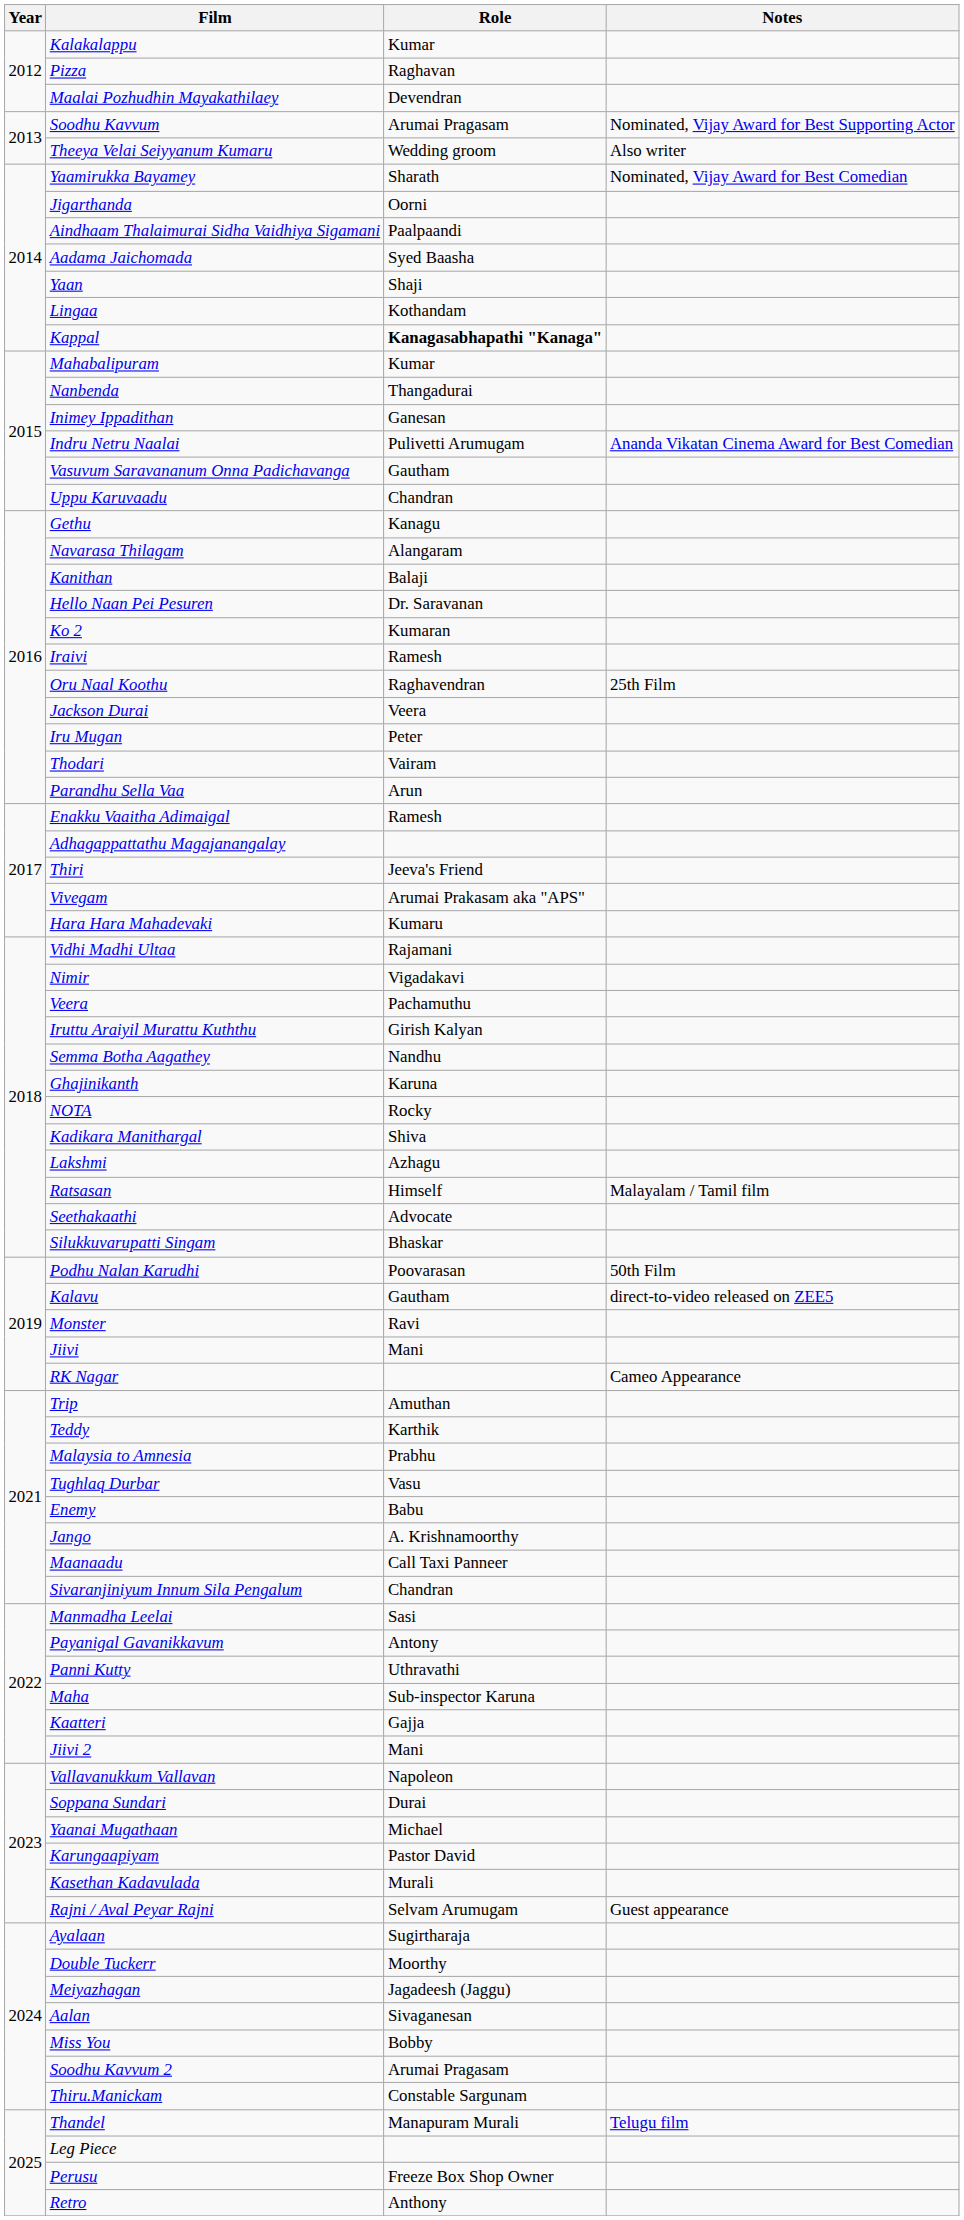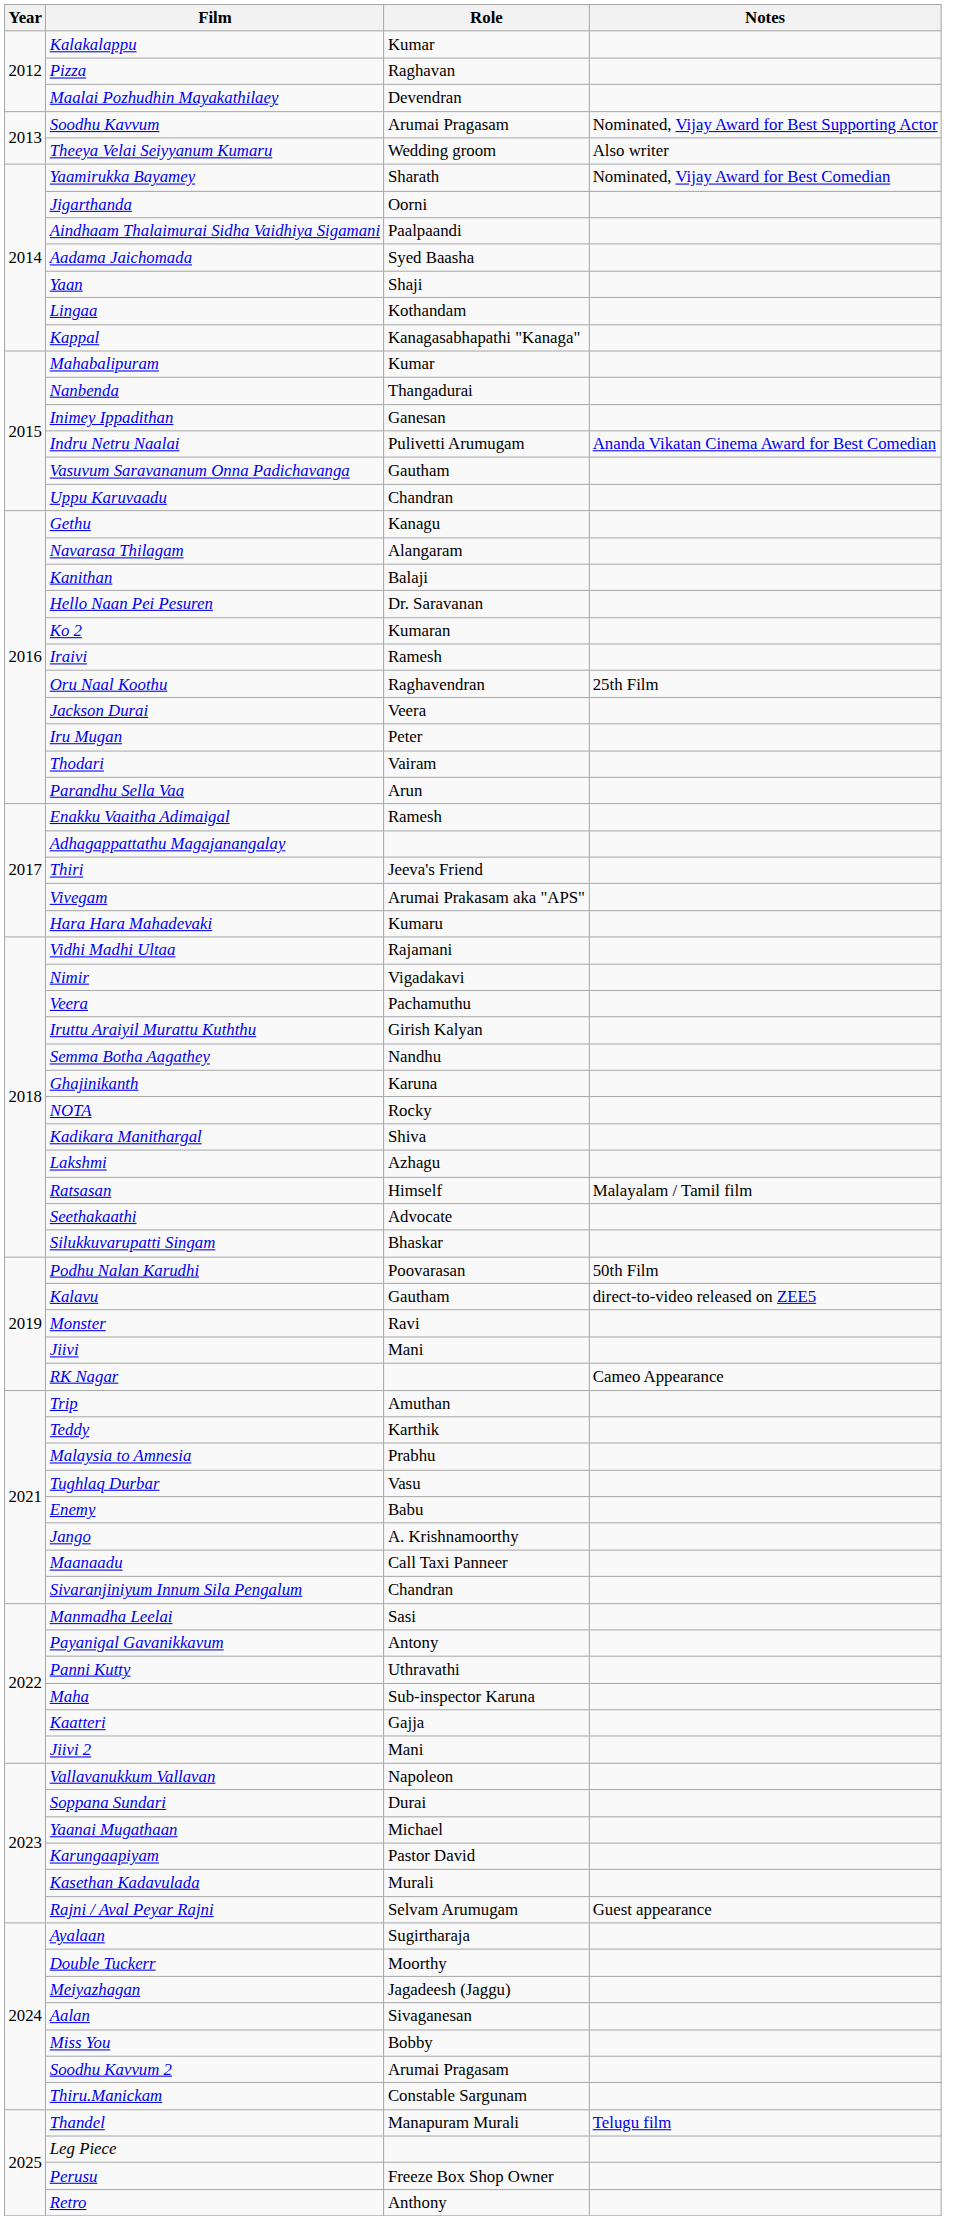 <table class="wikitable">
 <tr>
 <th>Year</th>
 <th>Film</th>
 <th>Role</th>
 <th>Notes</th>
 </tr>
 <tr>
 <td rowspan="3">2012</td>
 <td><em><a href='#'>Kalakalappu</a></em></td>
 <td>Kumar</td>
 <td></td>
 </tr>
 <tr>
 <td><em><a href='#'>Pizza</a></em></td>
 <td>Raghavan</td>
 <td></td>
 </tr>
 <tr>
 <td><em><a href='#'>Maalai Pozhudhin Mayakathilaey</a></em></td>
 <td>Devendran</td>
 <td></td>
 </tr>
 <tr>
 <td rowspan="2">2013</td>
 <td><em><a href='#'>Soodhu Kavvum</a></em></td>
 <td>Arumai Pragasam</td>
 <td>Nominated, <a href='#'>Vijay Award for Best Supporting Actor</a></td>
 </tr>
 <tr>
 <td><em><a href='#'>Theeya Velai Seiyyanum Kumaru</a></em></td>
 <td>Wedding groom</td>
 <td>Also writer</td>
 </tr>
 <tr>
 <td rowspan="7">2014</td>
 <td><em><a href='#'>Yaamirukka Bayamey</a></em></td>
 <td>Sharath</td>
 <td>Nominated, <a href='#'>Vijay Award for Best Comedian</a></td>
 </tr>
 <tr>
 <td><em><a href='#'>Jigarthanda</a></em></td>
 <td>Oorni</td>
 <td></td>
 </tr>
 <tr>
 <td><em><a href='#'>Aindhaam Thalaimurai Sidha Vaidhiya Sigamani</a></em></td>
 <td>Paalpaandi</td>
 <td></td>
 </tr>
 <tr>
 <td><em><a href='#'>Aadama Jaichomada</a></em></td>
 <td>Syed Baasha</td>
 <td></td>
 </tr>
 <tr>
 <td><em><a href='#'>Yaan</a></em></td>
 <td>Shaji</td>
 <td></td>
 </tr>
 <tr>
 <td><em><a href='#'>Lingaa</a></em></td>
 <td>Kothandam</td>
 <td></td>
 </tr>
 <tr>
 <td><em><a href='#'>Kappal</a></em></td>
-<td><strong>Kanagasabhapathi "Kanaga"</strong></td>
+<td>Kanagasabhapathi "Kanaga"</td>
 <td></td>
 </tr>
 <tr>
 <td rowspan="6">2015</td>
 <td><em><a href='#'>Mahabalipuram</a></em></td>
 <td>Kumar</td>
 <td></td>
 </tr>
 <tr>
 <td><em><a href='#'>Nanbenda</a></em></td>
 <td>Thangadurai</td>
 <td></td>
 </tr>
 <tr>
 <td><em><a href='#'>Inimey Ippadithan</a></em></td>
 <td>Ganesan</td>
 <td></td>
 </tr>
 <tr>
 <td><em><a href='#'>Indru Netru Naalai</a></em></td>
 <td>Pulivetti Arumugam</td>
 <td><a href='#'>Ananda Vikatan Cinema Award for Best Comedian</a></td>
 </tr>
 <tr>
 <td><em><a href='#'>Vasuvum Saravananum Onna Padichavanga</a></em></td>
 <td>Gautham</td>
 <td></td>
 </tr>
 <tr>
 <td><em><a href='#'>Uppu Karuvaadu</a></em></td>
 <td>Chandran</td>
 <td></td>
 </tr>
 <tr>
 <td rowspan="11">2016</td>
 <td><em><a href='#'>Gethu</a></em></td>
 <td>Kanagu</td>
 <td></td>
 </tr>
 <tr>
 <td><em><a href='#'>Navarasa Thilagam</a></em></td>
 <td>Alangaram</td>
 <td></td>
 </tr>
 <tr>
 <td><em><a href='#'>Kanithan</a></em></td>
 <td>Balaji</td>
 <td></td>
 </tr>
 <tr>
 <td><em><a href='#'>Hello Naan Pei Pesuren</a></em></td>
 <td>Dr. Saravanan</td>
 <td></td>
 </tr>
 <tr>
 <td><em><a href='#'>Ko 2</a></em></td>
 <td>Kumaran</td>
 <td></td>
 </tr>
 <tr>
 <td><em><a href='#'>Iraivi</a></em></td>
 <td>Ramesh</td>
 <td></td>
 </tr>
 <tr>
 <td><em><a href='#'>Oru Naal Koothu</a></em></td>
 <td>Raghavendran</td>
 <td>25th Film</td>
 </tr>
 <tr>
 <td><em><a href='#'>Jackson Durai</a></em></td>
 <td>Veera</td>
 <td></td>
 </tr>
 <tr>
 <td><em><a href='#'>Iru Mugan</a></em></td>
 <td>Peter</td>
 <td></td>
 </tr>
 <tr>
 <td><em><a href='#'>Thodari</a></em></td>
 <td>Vairam</td>
 <td></td>
 </tr>
 <tr>
 <td><em><a href='#'>Parandhu Sella Vaa</a></em></td>
 <td>Arun</td>
 <td></td>
 </tr>
 <tr>
 <td rowspan="5">2017</td>
 <td><em><a href='#'>Enakku Vaaitha Adimaigal</a></em></td>
 <td>Ramesh</td>
 <td></td>
 </tr>
 <tr>
 <td><em><a href='#'>Adhagappattathu Magajanangalay</a></em></td>
 <td></td>
 <td></td>
 </tr>
 <tr>
 <td><em><a href='#'>Thiri</a></em></td>
 <td>Jeeva's Friend</td>
 <td></td>
 </tr>
 <tr>
 <td><em><a href='#'>Vivegam</a></em></td>
 <td>Arumai Prakasam aka "APS"</td>
 <td></td>
 </tr>
 <tr>
 <td><em><a href='#'>Hara Hara Mahadevaki</a></em></td>
 <td>Kumaru</td>
 <td></td>
 </tr>
 <tr>
 <td rowspan="12">2018</td>
 <td><em><a href='#'>Vidhi Madhi Ultaa</a></em></td>
 <td>Rajamani</td>
 <td></td>
 </tr>
 <tr>
 <td><em><a href='#'>Nimir</a></em></td>
 <td>Vigadakavi</td>
 <td></td>
 </tr>
 <tr>
 <td><em><a href='#'>Veera</a></em></td>
 <td>Pachamuthu</td>
 <td></td>
 </tr>
 <tr>
 <td><em><a href='#'>Iruttu Araiyil Murattu Kuththu</a></em></td>
 <td>Girish Kalyan</td>
 <td></td>
 </tr>
 <tr>
 <td><em><a href='#'>Semma Botha Aagathey</a></em></td>
 <td>Nandhu</td>
 <td></td>
 </tr>
 <tr>
 <td><em><a href='#'>Ghajinikanth</a></em></td>
 <td>Karuna</td>
 <td></td>
 </tr>
 <tr>
 <td><em><a href='#'>NOTA</a></em></td>
 <td>Rocky</td>
 <td></td>
 </tr>
 <tr>
 <td><em><a href='#'>Kadikara Manithargal</a></em></td>
 <td>Shiva</td>
 <td></td>
 </tr>
 <tr>
 <td><em><a href='#'>Lakshmi</a></em></td>
 <td>Azhagu</td>
 <td></td>
 </tr>
 <tr>
 <td><em><a href='#'>Ratsasan</a></em></td>
 <td>Himself</td>
 <td>Malayalam / Tamil film</td>
 </tr>
 <tr>
 <td><em><a href='#'>Seethakaathi</a></em></td>
 <td>Advocate</td>
 <td></td>
 </tr>
 <tr>
 <td><em><a href='#'>Silukkuvarupatti Singam</a></em></td>
 <td>Bhaskar</td>
 <td></td>
 </tr>
 <tr>
 <td rowspan="5">2019</td>
 <td><em><a href='#'>Podhu Nalan Karudhi</a></em></td>
 <td>Poovarasan</td>
 <td>50th Film</td>
 </tr>
 <tr>
 <td><em><a href='#'>Kalavu</a></em></td>
 <td>Gautham</td>
 <td>direct-to-video released on <a href='#'>ZEE5</a></td>
 </tr>
 <tr>
 <td><em><a href='#'>Monster</a></em></td>
 <td>Ravi</td>
 <td></td>
 </tr>
 <tr>
 <td><em><a href='#'>Jiivi</a></em></td>
 <td>Mani</td>
 <td></td>
 </tr>
 <tr>
 <td><em><a href='#'>RK Nagar</a></em></td>
 <td></td>
 <td>Cameo Appearance</td>
 </tr>
 <tr>
 <td rowspan="8">2021</td>
 <td><em><a href='#'>Trip</a></em></td>
 <td>Amuthan</td>
 <td></td>
 </tr>
 <tr>
 <td><em><a href='#'>Teddy</a></em></td>
 <td>Karthik</td>
 <td></td>
 </tr>
 <tr>
 <td><em><a href='#'>Malaysia to Amnesia</a></em></td>
 <td>Prabhu</td>
 <td></td>
 </tr>
 <tr>
 <td><em><a href='#'>Tughlaq Durbar</a></em></td>
 <td>Vasu</td>
 <td></td>
 </tr>
 <tr>
 <td><em><a href='#'>Enemy</a></em></td>
 <td>Babu</td>
 <td></td>
 </tr>
 <tr>
 <td><em><a href='#'>Jango</a></em></td>
 <td>A. Krishnamoorthy</td>
 <td></td>
 </tr>
 <tr>
 <td><em><a href='#'>Maanaadu</a></em></td>
 <td>Call Taxi Panneer</td>
 <td></td>
 </tr>
 <tr>
 <td><em><a href='#'>Sivaranjiniyum Innum Sila Pengalum</a></em></td>
 <td>Chandran</td>
 <td></td>
 </tr>
 <tr>
 <td rowspan="6">2022</td>
 <td><em><a href='#'>Manmadha Leelai</a></em></td>
 <td>Sasi</td>
 <td></td>
 </tr>
 <tr>
 <td><em><a href='#'>Payanigal Gavanikkavum</a></em></td>
 <td>Antony</td>
 <td></td>
 </tr>
 <tr>
 <td><em><a href='#'>Panni Kutty</a></em></td>
 <td>Uthravathi</td>
 <td></td>
 </tr>
 <tr>
 <td><em><a href='#'>Maha</a></em></td>
 <td>Sub-inspector Karuna</td>
 <td></td>
 </tr>
 <tr>
 <td><em><a href='#'>Kaatteri</a></em></td>
 <td>Gajja</td>
 <td></td>
 </tr>
 <tr>
 <td><em><a href='#'>Jiivi 2</a></em></td>
 <td>Mani</td>
 <td></td>
 </tr>
 <tr>
 <td rowspan="6">2023</td>
 <td><em><a href='#'>Vallavanukkum Vallavan</a></em></td>
 <td>Napoleon</td>
 <td></td>
 </tr>
 <tr>
 <td><em><a href='#'>Soppana Sundari</a></em></td>
 <td>Durai</td>
 <td></td>
 </tr>
 <tr>
 <td><em><a href='#'>Yaanai Mugathaan</a></em></td>
 <td>Michael</td>
 <td></td>
 </tr>
 <tr>
 <td><em><a href='#'>Karungaapiyam</a></em></td>
 <td>Pastor David</td>
 <td></td>
 </tr>
 <tr>
 <td><em><a href='#'>Kasethan Kadavulada</a></em></td>
 <td>Murali</td>
 <td></td>
 </tr>
 <tr>
 <td><em><a href='#'>Rajni / Aval Peyar Rajni</a></em></td>
 <td>Selvam Arumugam</td>
 <td>Guest appearance</td>
 </tr>
 <tr>
 <td rowspan="7">2024</td>
 <td><em><a href='#'>Ayalaan</a></em></td>
 <td>Sugirtharaja</td>
 <td></td>
 </tr>
 <tr>
 <td><em><a href='#'>Double Tuckerr</a></em></td>
 <td>Moorthy</td>
 <td></td>
 </tr>
 <tr>
 <td><em><a href='#'>Meiyazhagan</a></em></td>
 <td>Jagadeesh (Jaggu)</td>
 <td></td>
 </tr>
 <tr>
 <td><em><a href='#'>Aalan</a></em></td>
 <td>Sivaganesan</td>
 <td></td>
 </tr>
 <tr>
 <td><em><a href='#'>Miss You</a></em></td>
 <td>Bobby</td>
 <td></td>
 </tr>
 <tr>
 <td><em><a href='#'>Soodhu Kavvum 2</a></em></td>
 <td>Arumai Pragasam</td>
 <td></td>
 </tr>
 <tr>
 <td><em><a href='#'>Thiru.Manickam</a></em></td>
 <td>Constable Sargunam</td>
 <td></td>
 </tr>
 <tr>
 <td rowspan="4">2025</td>
 <td><em><a href='#'>Thandel</a></em></td>
 <td>Manapuram Murali</td>
 <td><a href='#'>Telugu film</a></td>
 </tr>
 <tr>
 <td><em>Leg Piece</em></td>
 <td></td>
 <td></td>
 </tr>
 <tr>
 <td><em><a href='#'>Perusu</a></em></td>
 <td>Freeze Box Shop Owner</td>
 </tr>
 <tr>
 <td><em><a href='#'>Retro</a></em></td>
 <td>Anthony</td>
 <td></td>
 </tr>
 </table>
